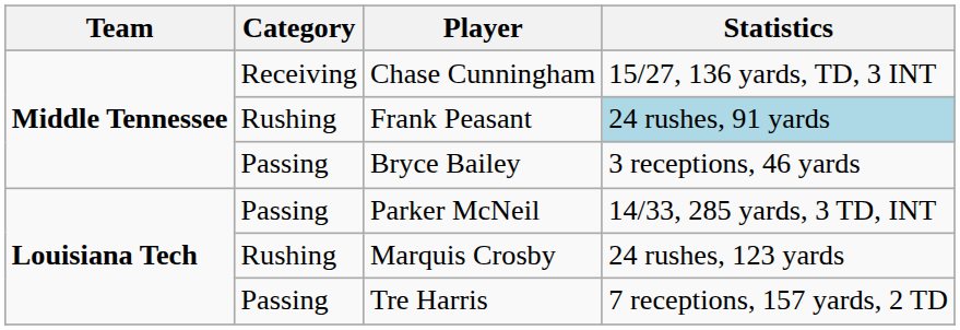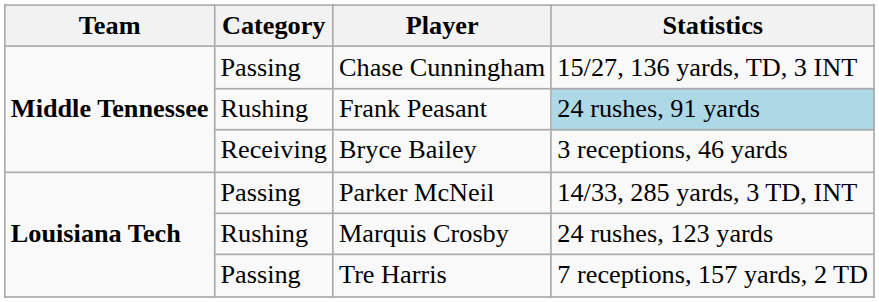 <table class="wikitable" style="float: left;">
 <tr>
 <th>Team</th>
 <th>Category</th>
 <th>Player</th>
 <th>Statistics</th>
 </tr>
 <tr>
 <td rowspan=3><strong>Middle Tennessee</strong></td>
-<td>Receiving</td>
+<td>Passing</td>
 <td>Chase Cunningham</td>
 <td>15/27, 136 yards, TD, 3 INT</td>
 </tr>
 <tr>
 <td>Rushing</td>
 <td>Frank Peasant</td>
 <td style="background: lightblue;">24 rushes, 91 yards</td>
 </tr>
 <tr>
-<td>Passing</td>
+<td>Receiving</td>
 <td>Bryce Bailey</td>
 <td>3 receptions, 46 yards</td>
 </tr>
 <tr>
 <td rowspan=3><strong>Louisiana Tech</strong></td>
 <td>Passing</td>
 <td>Parker McNeil</td>
 <td>14/33, 285 yards, 3 TD, INT</td>
 </tr>
 <tr>
 <td>Rushing</td>
 <td>Marquis Crosby</td>
 <td>24 rushes, 123 yards</td>
 </tr>
 <tr>
 <td>Passing</td>
 <td>Tre Harris</td>
 <td>7 receptions, 157 yards, 2 TD</td>
 </tr>
 </table>
